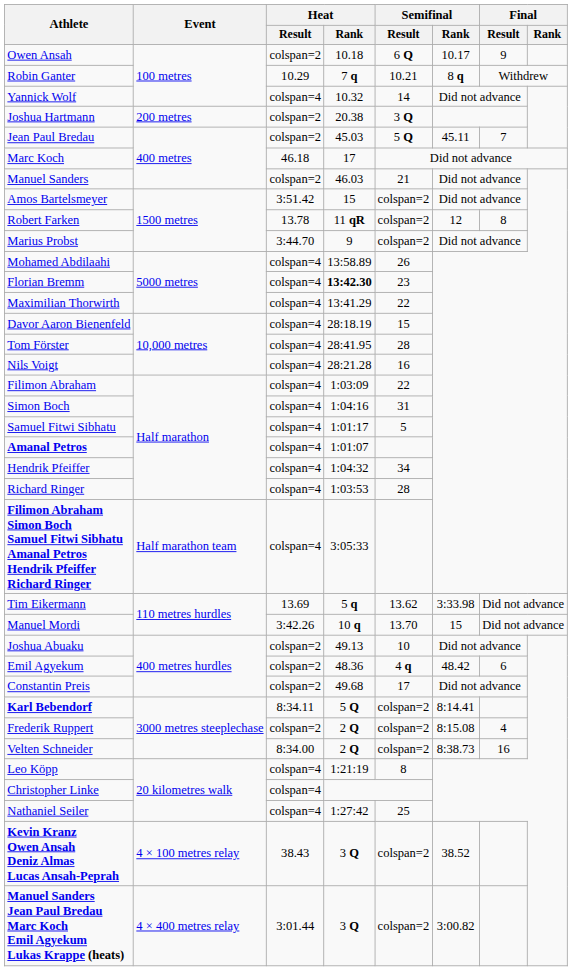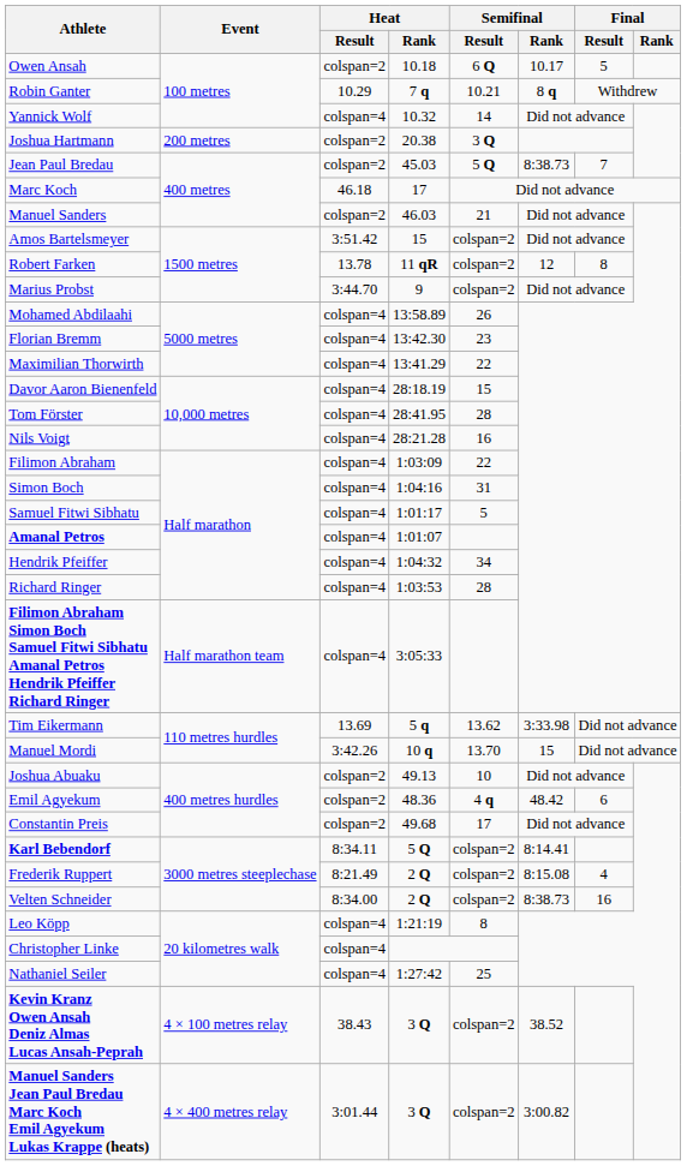 <table class=wikitable style=font-size:90%>
 <tr>
 <th rowspan=2>Athlete</th>
 <th rowspan=2>Event</th>
 <th colspan=2>Heat</th>
 <th colspan=2>Semifinal</th>
 <th colspan=2>Final</th>
 </tr>
 <tr style=font-size:95%>
 <th>Result</th>
 <th>Rank</th>
 <th>Result</th>
 <th>Rank</th>
 <th>Result</th>
 <th>Rank</th>
 </tr>
 <tr align=center>
 <td align=left><a href='#'>Owen Ansah</a></td>
 <td align=left rowspan=3><a href='#'>100 metres</a></td>
 <td>colspan=2</td>
 <td>10.18</td>
 <td>6 <strong>Q</strong></td>
 <td>10.17</td>
-<td>9</td>
+<td>5</td>
 </tr>
 <tr align=center>
 <td align=left><a href='#'>Robin Ganter</a></td>
 <td>10.29</td>
 <td>7 <strong>q</strong></td>
 <td>10.21</td>
 <td>8 <strong>q</strong></td>
 <td colspan=2>Withdrew</td>
 </tr>
 <tr align=center>
 <td align=left><a href='#'>Yannick Wolf</a></td>
 <td>colspan=4</td>
 <td>10.32</td>
 <td>14</td>
 <td colspan=2>Did not advance</td>
 </tr>
 <tr align=center>
 <td align=left><a href='#'>Joshua Hartmann</a></td>
 <td align=left><a href='#'>200 metres</a></td>
 <td>colspan=2</td>
 <td>20.38</td>
 <td>3 <strong>Q</strong></td>
 <td colspan=2></td>
 </tr>
 <tr align=center>
 <td align=left><a href='#'>Jean Paul Bredau</a></td>
 <td align=left rowspan=3><a href='#'>400 metres</a></td>
 <td>colspan=2</td>
 <td>45.03 </td>
 <td>5 <strong>Q</strong></td>
-<td>45.11</td>
+<td>8:38.73</td>
 <td>7</td>
 </tr>
 <tr align=center>
 <td align=left><a href='#'>Marc Koch</a></td>
 <td>46.18</td>
 <td>17</td>
 <td colspan=4>Did not advance</td>
 </tr>
 <tr align=center>
 <td align=left><a href='#'>Manuel Sanders</a></td>
 <td>colspan=2</td>
 <td>46.03</td>
 <td>21</td>
 <td colspan=2>Did not advance</td>
 </tr>
 <tr align=center>
 <td align=left><a href='#'>Amos Bartelsmeyer</a></td>
 <td align=left rowspan=3><a href='#'>1500 metres</a></td>
 <td>3:51.42</td>
 <td>15</td>
 <td>colspan=2</td>
 <td colspan=2>Did not advance</td>
 </tr>
 <tr align=center>
 <td align=left><a href='#'>Robert Farken</a></td>
 <td>13.78</td>
 <td>11 <strong>qR</strong></td>
 <td>colspan=2</td>
 <td>12</td>
 <td>8</td>
 </tr>
 <tr align=center>
 <td align=left><a href='#'>Marius Probst</a></td>
 <td>3:44.70</td>
 <td>9</td>
 <td>colspan=2</td>
 <td colspan=2>Did not advance</td>
 </tr>
 <tr align=center>
 <td align=left><a href='#'>Mohamed Abdilaahi</a></td>
 <td align=left rowspan=3><a href='#'>5000 metres</a></td>
 <td>colspan=4</td>
 <td>13:58.89</td>
 <td>26</td>
 </tr>
 <tr align=center>
 <td align=left><a href='#'>Florian Bremm</a></td>
 <td>colspan=4</td>
-<td><strong>13:42.30</strong></td>
+<td>13:42.30</td>
 <td>23</td>
 </tr>
 <tr align=center>
 <td align=left><a href='#'>Maximilian Thorwirth</a></td>
 <td>colspan=4</td>
 <td>13:41.29</td>
 <td>22</td>
 </tr>
 <tr align=center>
 <td align=left><a href='#'>Davor Aaron Bienenfeld</a></td>
 <td align=left rowspan=3><a href='#'>10,000 metres</a></td>
 <td>colspan=4</td>
 <td>28:18.19</td>
 <td>15</td>
 </tr>
 <tr align=center>
 <td align=left><a href='#'>Tom Förster</a></td>
 <td>colspan=4</td>
 <td>28:41.95</td>
 <td>28</td>
 </tr>
 <tr align=center>
 <td align=left><a href='#'>Nils Voigt</a></td>
 <td>colspan=4</td>
 <td>28:21.28</td>
 <td>16</td>
 </tr>
 <tr align=center>
 <td align=left><a href='#'>Filimon Abraham</a></td>
 <td align=left rowspan=6><a href='#'>Half marathon</a></td>
 <td>colspan=4</td>
 <td>1:03:09 </td>
 <td>22</td>
 </tr>
 <tr align=center>
 <td align=left><a href='#'>Simon Boch</a></td>
 <td>colspan=4</td>
 <td>1:04:16</td>
 <td>31</td>
 </tr>
 <tr align=center>
 <td align=left><a href='#'>Samuel Fitwi Sibhatu</a></td>
 <td>colspan=4</td>
 <td>1:01:17 </td>
 <td>5</td>
 </tr>
 <tr align=center>
 <td align=left><strong><a href='#'>Amanal Petros</a></strong></td>
 <td>colspan=4</td>
 <td>1:01:07</td>
 <td></td>
 </tr>
 <tr align=center>
 <td align=left><a href='#'>Hendrik Pfeiffer</a></td>
 <td>colspan=4</td>
 <td>1:04:32</td>
 <td>34</td>
 </tr>
 <tr align=center>
 <td align=left><a href='#'>Richard Ringer</a></td>
 <td>colspan=4</td>
 <td>1:03:53 </td>
 <td>28</td>
 </tr>
 <tr align=center>
 <td align=left><strong><a href='#'>Filimon Abraham</a><br><a href='#'>Simon Boch</a><br><a href='#'>Samuel Fitwi Sibhatu</a><br><a href='#'>Amanal Petros</a><br><a href='#'>Hendrik Pfeiffer</a><br><a href='#'>Richard Ringer</a></strong></td>
 <td align=left><a href='#'>Half marathon team</a></td>
 <td>colspan=4</td>
 <td>3:05:33</td>
 <td></td>
 </tr>
 <tr align=center>
 <td align=left><a href='#'>Tim Eikermann</a></td>
 <td align=left rowspan=2><a href='#'>110 metres hurdles</a></td>
 <td>13.69</td>
 <td>5 <strong>q</strong></td>
 <td>13.62</td>
 <td>3:33.98</td>
 <td colspan=2>Did not advance</td>
 </tr>
 <tr align=center>
 <td align=left><a href='#'>Manuel Mordi</a></td>
 <td>3:42.26</td>
 <td>10 <strong>q</strong></td>
 <td>13.70</td>
 <td>15</td>
 <td colspan=2>Did not advance</td>
 </tr>
 <tr align=center>
 <td align=left><a href='#'>Joshua Abuaku</a></td>
 <td align=left rowspan=3><a href='#'>400 metres hurdles</a></td>
 <td>colspan=2</td>
 <td>49.13</td>
 <td>10</td>
 <td colspan=2>Did not advance</td>
 </tr>
 <tr align=center>
 <td align=left><a href='#'>Emil Agyekum</a></td>
 <td>colspan=2</td>
 <td>48.36 </td>
 <td>4 <strong>q</strong></td>
 <td>48.42</td>
 <td>6</td>
 </tr>
 <tr align=center>
 <td align=left><a href='#'>Constantin Preis</a></td>
 <td>colspan=2</td>
 <td>49.68</td>
 <td>17</td>
 <td colspan=2>Did not advance</td>
 </tr>
 <tr align=center>
 <td align=left><strong><a href='#'>Karl Bebendorf</a></strong></td>
 <td align=left rowspan=3><a href='#'>3000 metres steeplechase</a></td>
 <td>8:34.11</td>
 <td>5 <strong>Q</strong></td>
 <td>colspan=2</td>
 <td>8:14.41 </td>
 <td></td>
 </tr>
 <tr align=center>
 <td align=left><a href='#'>Frederik Ruppert</a></td>
-<td>colspan=2</td>
+<td>8:21.49</td>
 <td>2 <strong>Q</strong></td>
 <td>colspan=2</td>
 <td>8:15.08 </td>
 <td>4</td>
 </tr>
 <tr align=center>
 <td align=left><a href='#'>Velten Schneider</a></td>
 <td>8:34.00</td>
 <td>2 <strong>Q</strong></td>
 <td>colspan=2</td>
 <td>8:38.73</td>
 <td>16</td>
 </tr>
 <tr align=center>
 <td align=left><a href='#'>Leo Köpp</a></td>
 <td align=left rowspan=3><a href='#'>20 kilometres walk</a></td>
 <td>colspan=4</td>
 <td>1:21:19</td>
 <td>8</td>
 </tr>
 <tr align=center>
 <td align=left><a href='#'>Christopher Linke</a></td>
 <td>colspan=4</td>
 <td colspan=2></td>
 </tr>
 <tr align=center>
 <td align=left><a href='#'>Nathaniel Seiler</a></td>
 <td>colspan=4</td>
 <td>1:27:42</td>
 <td>25</td>
 </tr>
 <tr align=center>
 <td align=left><strong><a href='#'>Kevin Kranz</a><br><a href='#'>Owen Ansah</a><br><a href='#'>Deniz Almas</a><br><a href='#'>Lucas Ansah-Peprah</a></strong></td>
 <td align=left><a href='#'>4 × 100 metres relay</a></td>
 <td>38.43 </td>
 <td>3 <strong>Q</strong></td>
 <td>colspan=2</td>
 <td>38.52</td>
 <td></td>
 </tr>
 <tr align=center>
 <td align=left><strong><a href='#'>Manuel Sanders</a><br><a href='#'>Jean Paul Bredau</a><br><a href='#'>Marc Koch</a><br><a href='#'>Emil Agyekum</a><br><a href='#'>Lukas Krappe</a> (heats)</strong></td>
 <td align=left><a href='#'>4 × 400 metres relay</a></td>
 <td>3:01.44</td>
 <td>3 <strong>Q</strong></td>
 <td>colspan=2</td>
 <td>3:00.82 </td>
 <td></td>
 </tr>
 </table>
